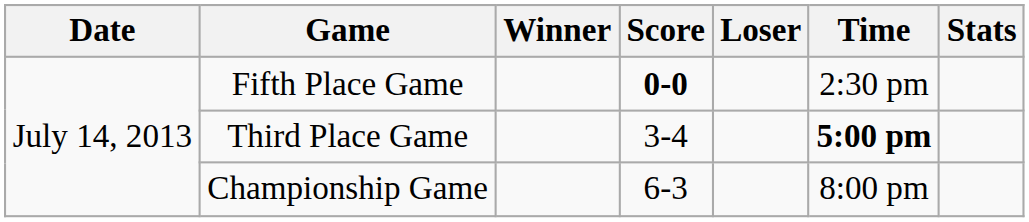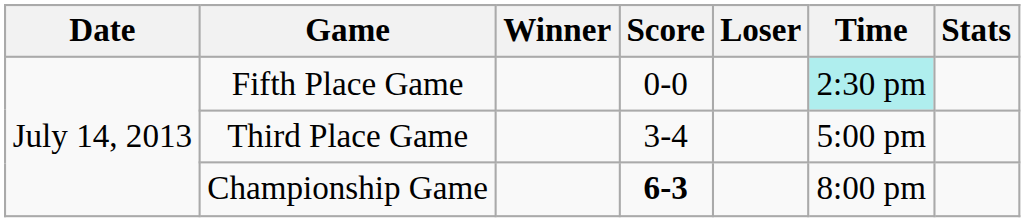 <table class="wikitable">
 <tr>
 <th>Date</th>
 <th>Game</th>
 <th>Winner</th>
 <th>Score</th>
 <th>Loser</th>
 <th>Time</th>
 <th>Stats</th>
 </tr>
 <tr align=center>
 <td rowspan=3>July 14, 2013</td>
 <td>Fifth Place Game</td>
 <td></td>
-<td><strong>0-0</strong></td>
+<td>0-0</td>
 <td></td>
-<td>2:30 pm</td>
+<td style="background: paleturquoise;">2:30 pm</td>
 <td></td>
 </tr>
 <tr align=center>
 <td>Third Place Game</td>
 <td></td>
 <td>3-4</td>
 <td></td>
-<td><strong>5:00 pm</strong></td>
+<td>5:00 pm</td>
 <td></td>
 </tr>
 <tr align=center>
 <td>Championship Game</td>
 <td></td>
-<td>6-3</td>
+<td><strong>6-3</strong></td>
 <td></td>
 <td>8:00 pm</td>
 <td></td>
 </tr>
 </table>
